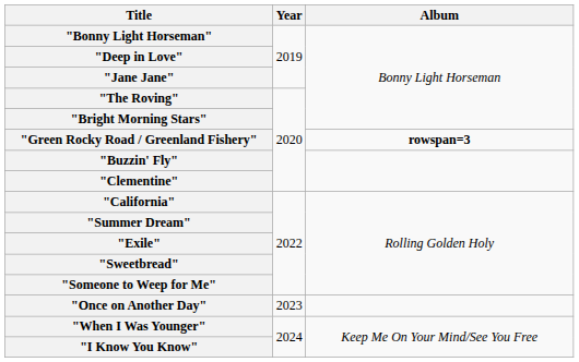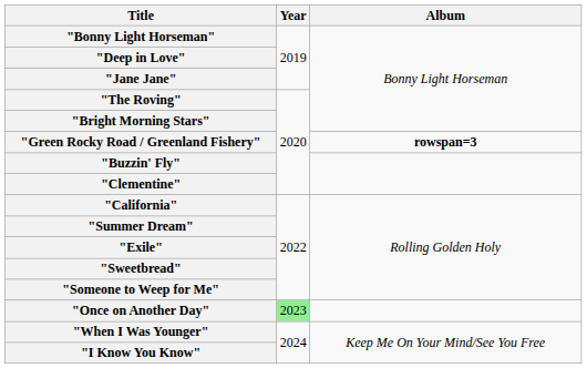 <table class="wikitable plainrowheaders" style="text-align:center;">
 <tr>
 <th scope="col" style="width:20em;">Title</th>
 <th scope="col" style="width:2em;">Year</th>
 <th scope="col" style="width:20em;">Album</th>
 </tr>
 <tr>
 <th scope="row">"Bonny Light Horseman"</th>
 <td rowspan="3">2019</td>
 <td rowspan="5"><em>Bonny Light Horseman</em></td>
 </tr>
 <tr>
 <th scope="row">"Deep in Love"</th>
 </tr>
 <tr>
 <th scope="row">"Jane Jane"</th>
 </tr>
 <tr>
 <th scope="row">"The Roving"</th>
 <td rowspan="5">2020</td>
 </tr>
 <tr>
 <th scope="row">"Bright Morning Stars"</th>
 </tr>
 <tr>
 <th scope="row">"Green Rocky Road / Greenland Fishery"</th>
 <td><strong>rowspan=3 </strong></td>
 </tr>
 <tr>
 <th scope="row">"Buzzin' Fly"</th>
 </tr>
 <tr>
 <th scope="row">"Clementine"</th>
 </tr>
 <tr>
 <th scope="row">"California"</th>
 <td rowspan="5">2022</td>
 <td rowspan="5"><em>Rolling Golden Holy</em></td>
 </tr>
 <tr>
 <th scope="row">"Summer Dream"</th>
 </tr>
 <tr>
 <th scope="row">"Exile"</th>
 </tr>
 <tr>
 <th scope="row">"Sweetbread"</th>
 </tr>
 <tr>
 <th scope="row">"Someone to Weep for Me"</th>
 </tr>
 <tr>
 <th scope="row">"Once on Another Day"</th>
-<td>2023</td>
+<td style="background: lightgreen;">2023</td>
 <td></td>
 </tr>
 <tr>
 <th scope="row">"When I Was Younger"</th>
 <td rowspan=2>2024</td>
 <td rowspan=2><em>Keep Me On Your Mind/See You Free</em></td>
 </tr>
 <tr>
 <th scope="row">"I Know You Know"</th>
 </tr>
 </table>
